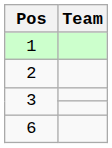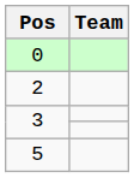 <table class="wikitable" style="text-align:center;">
 <tr>
 <th width=35>Pos</th>
 <th>Team</th>
 </tr>
 <tr bgcolor=ccffcc>
-<td>1</td>
+<td>0</td>
 <td align=left></td>
 </tr>
 <tr>
 <td>2</td>
 <td align=left></td>
 </tr>
 <tr>
 <td rowspan=2>3</td>
 <td align=left></td>
 </tr>
 <tr>
 <td align=left></td>
 </tr>
 <tr>
-<td>6</td>
+<td>5</td>
 <td align=left></td>
 </tr>
 </table>
